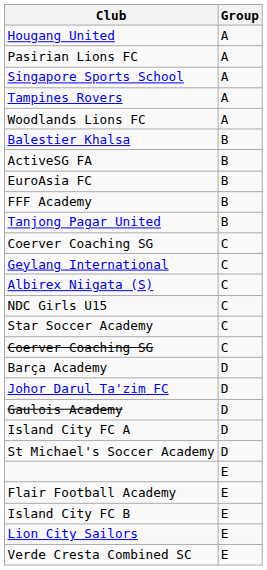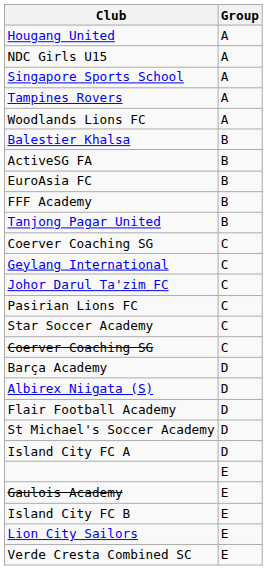 <table class="wikitable sortable">
 <tr>
 <th>Club</th>
 <th>Group</th>
 </tr>
 <tr>
 <td><a href='#'>Hougang United</a></td>
 <td>A</td>
 </tr>
 <tr>
-<td>Pasirian Lions FC</td>
+<td>NDC Girls U15</td>
 <td>A</td>
 </tr>
 <tr>
 <td><a href='#'>Singapore Sports School</a></td>
 <td>A</td>
 </tr>
 <tr>
 <td><a href='#'>Tampines Rovers</a></td>
 <td>A</td>
 </tr>
 <tr>
 <td>Woodlands Lions FC</td>
 <td>A</td>
 </tr>
 <tr>
 <td><a href='#'>Balestier Khalsa</a></td>
 <td>B</td>
 </tr>
 <tr>
 <td>ActiveSG FA</td>
 <td>B</td>
 </tr>
 <tr>
 <td>EuroAsia FC</td>
 <td>B</td>
 </tr>
 <tr>
 <td>FFF Academy</td>
 <td>B</td>
 </tr>
 <tr>
 <td><a href='#'>Tanjong Pagar United</a></td>
 <td>B</td>
 </tr>
 <tr>
 <td>Coerver Coaching SG</td>
 <td>C</td>
 </tr>
 <tr>
 <td><a href='#'>Geylang International</a></td>
 <td>C</td>
 </tr>
 <tr>
-<td> <a href='#'>Albirex Niigata (S)</a></td>
+<td> <a href='#'>Johor Darul Ta'zim FC</a></td>
 <td>C</td>
 </tr>
 <tr>
-<td>NDC Girls U15</td>
+<td>Pasirian Lions FC</td>
 <td>C</td>
 </tr>
 <tr>
 <td>Star Soccer Academy</td>
 <td>C</td>
 </tr>
 <tr>
 <td><s>Coerver Coaching SG</s></td>
 <td>C</td>
 </tr>
 <tr>
 <td>Barça Academy</td>
 <td>D</td>
 </tr>
 <tr>
-<td> <a href='#'>Johor Darul Ta'zim FC</a></td>
+<td> <a href='#'>Albirex Niigata (S)</a></td>
 <td>D</td>
 </tr>
 <tr>
-<td><s>Gaulois Academy</s></td>
+<td>Flair Football Academy</td>
+<td>D</td>
+</tr>
+<tr>
+<td>St Michael's Soccer Academy</td>
 <td>D</td>
 </tr>
 <tr>
 <td>Island City FC A</td>
 <td>D</td>
 </tr>
 <tr>
-<td>St Michael's Soccer Academy</td>
-<td>D</td>
-</tr>
-<tr>
 <td></td>
 <td>E</td>
 </tr>
 <tr>
-<td>Flair Football Academy</td>
+<td><s>Gaulois Academy</s></td>
 <td>E</td>
 </tr>
 <tr>
 <td>Island City FC B</td>
 <td>E</td>
 </tr>
 <tr>
 <td><a href='#'>Lion City Sailors</a></td>
 <td>E</td>
 </tr>
 <tr>
 <td>Verde Cresta Combined SC</td>
 <td>E</td>
 </tr>
 </table>
